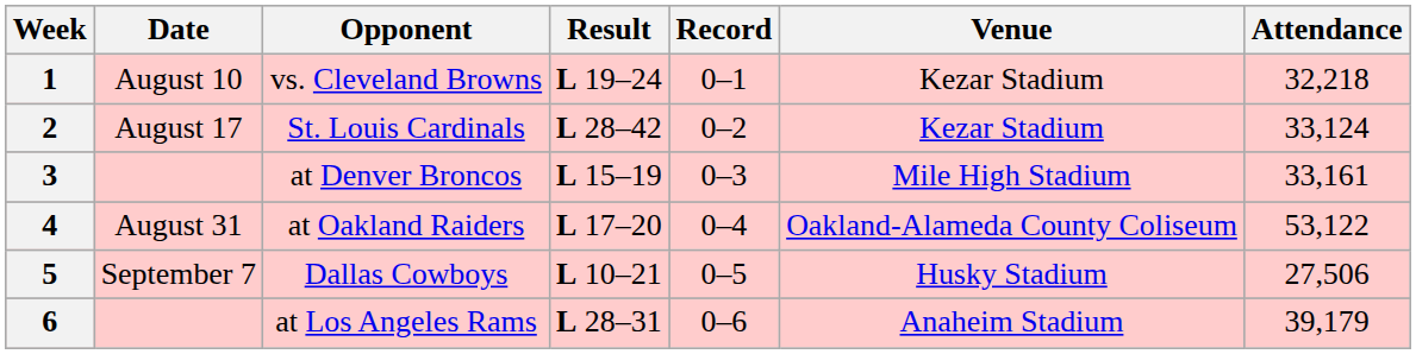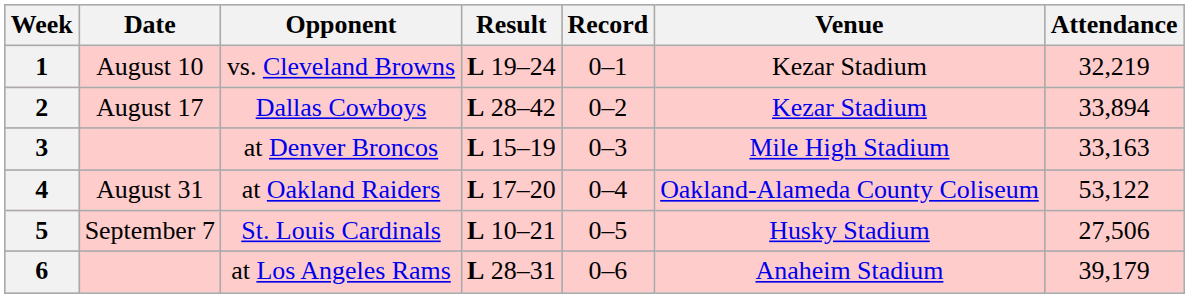 <table class="wikitable" style="text-align:center">
 <tr>
 <th>Week</th>
 <th>Date</th>
 <th>Opponent</th>
 <th>Result</th>
 <th>Record</th>
 <th>Venue</th>
 <th>Attendance</th>
 </tr>
 <tr style="background:#fcc">
 <th>1</th>
 <td>August 10</td>
 <td>vs. <a href='#'>Cleveland Browns</a></td>
 <td><strong>L</strong> 19–24</td>
 <td>0–1</td>
 <td>Kezar Stadium</td>
-<td>32,218</td>
+<td>32,219</td>
 </tr>
 <tr style="background:#fcc">
 <th>2</th>
 <td>August 17</td>
-<td><a href='#'>St. Louis Cardinals</a></td>
+<td><a href='#'>Dallas Cowboys</a></td>
 <td><strong>L</strong> 28–42</td>
 <td>0–2</td>
 <td><a href='#'>Kezar Stadium</a></td>
-<td>33,124</td>
+<td>33,894</td>
 </tr>
 <tr style="background:#fcc">
 <th>3</th>
 <td></td>
 <td>at <a href='#'>Denver Broncos</a></td>
 <td><strong>L</strong> 15–19</td>
 <td>0–3</td>
 <td><a href='#'>Mile High Stadium</a></td>
-<td>33,161</td>
+<td>33,163</td>
 </tr>
 <tr style="background:#fcc">
 <th>4</th>
 <td>August 31</td>
 <td>at <a href='#'>Oakland Raiders</a></td>
 <td><strong>L</strong> 17–20</td>
 <td>0–4</td>
 <td><a href='#'>Oakland-Alameda County Coliseum</a></td>
 <td>53,122</td>
 </tr>
 <tr style="background:#fcc">
 <th>5</th>
 <td>September 7</td>
-<td><a href='#'>Dallas Cowboys</a></td>
+<td><a href='#'>St. Louis Cardinals</a></td>
 <td><strong>L</strong> 10–21</td>
 <td>0–5</td>
 <td><a href='#'>Husky Stadium</a></td>
 <td>27,506</td>
 </tr>
 <tr style="background:#fcc">
 <th>6</th>
 <td></td>
 <td>at <a href='#'>Los Angeles Rams</a></td>
 <td><strong>L</strong> 28–31</td>
 <td>0–6</td>
 <td><a href='#'>Anaheim Stadium</a></td>
 <td>39,179</td>
 </tr>
 </table>
